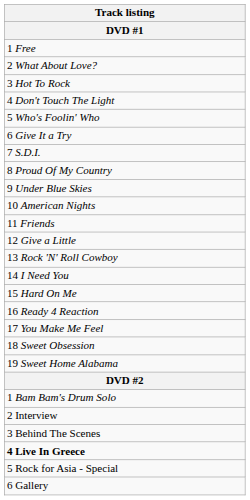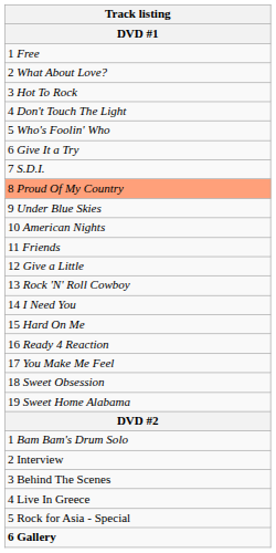 <table class="wikitable collapsible" style="width:350px;">
 <tr>
 <th>Track listing</th>
 </tr>
 <tr>
 <th>DVD #1</th>
 </tr>
 <tr>
 <td>1 <em>Free</em></td>
 </tr>
 <tr>
 <td>2 <em>What About Love?</em></td>
 </tr>
 <tr>
 <td>3 <em>Hot To Rock</em></td>
 </tr>
 <tr>
 <td>4 <em>Don't Touch The Light</em></td>
 </tr>
 <tr>
 <td>5 <em>Who's Foolin' Who</em></td>
 </tr>
 <tr>
 <td>6 <em>Give It a Try</em></td>
 </tr>
 <tr>
 <td>7 <em>S.D.I.</em></td>
 </tr>
 <tr>
-<td>8 <em>Proud Of My Country</em></td>
+<td style="background: lightsalmon;">8 <em>Proud Of My Country</em></td>
 </tr>
 <tr>
 <td>9 <em>Under Blue Skies</em></td>
 </tr>
 <tr>
 <td>10 <em>American Nights</em></td>
 </tr>
 <tr>
 <td>11 <em>Friends</em></td>
 </tr>
 <tr>
 <td>12 <em>Give a Little</em></td>
 </tr>
 <tr>
 <td>13 <em>Rock 'N' Roll Cowboy</em></td>
 </tr>
 <tr>
 <td>14 <em>I Need You</em></td>
 </tr>
 <tr>
 <td>15 <em>Hard On Me</em></td>
 </tr>
 <tr>
 <td>16 <em>Ready 4 Reaction</em></td>
 </tr>
 <tr>
 <td>17 <em>You Make Me Feel</em></td>
 </tr>
 <tr>
 <td>18 <em>Sweet Obsession</em></td>
 </tr>
 <tr>
 <td>19 <em>Sweet Home Alabama</em></td>
 </tr>
 <tr>
 <th>DVD #2</th>
 </tr>
 <tr>
 <td>1 <em>Bam Bam's Drum Solo</em></td>
 </tr>
 <tr>
 <td>2 Interview</td>
 </tr>
 <tr>
 <td>3 Behind The Scenes</td>
 </tr>
 <tr>
-<td><strong>4 Live In Greece</strong></td>
+<td>4 Live In Greece</td>
 </tr>
 <tr>
 <td>5 Rock for Asia - Special</td>
 </tr>
 <tr>
-<td>6 Gallery</td>
+<td><strong>6 Gallery</strong></td>
 </tr>
 </table>
